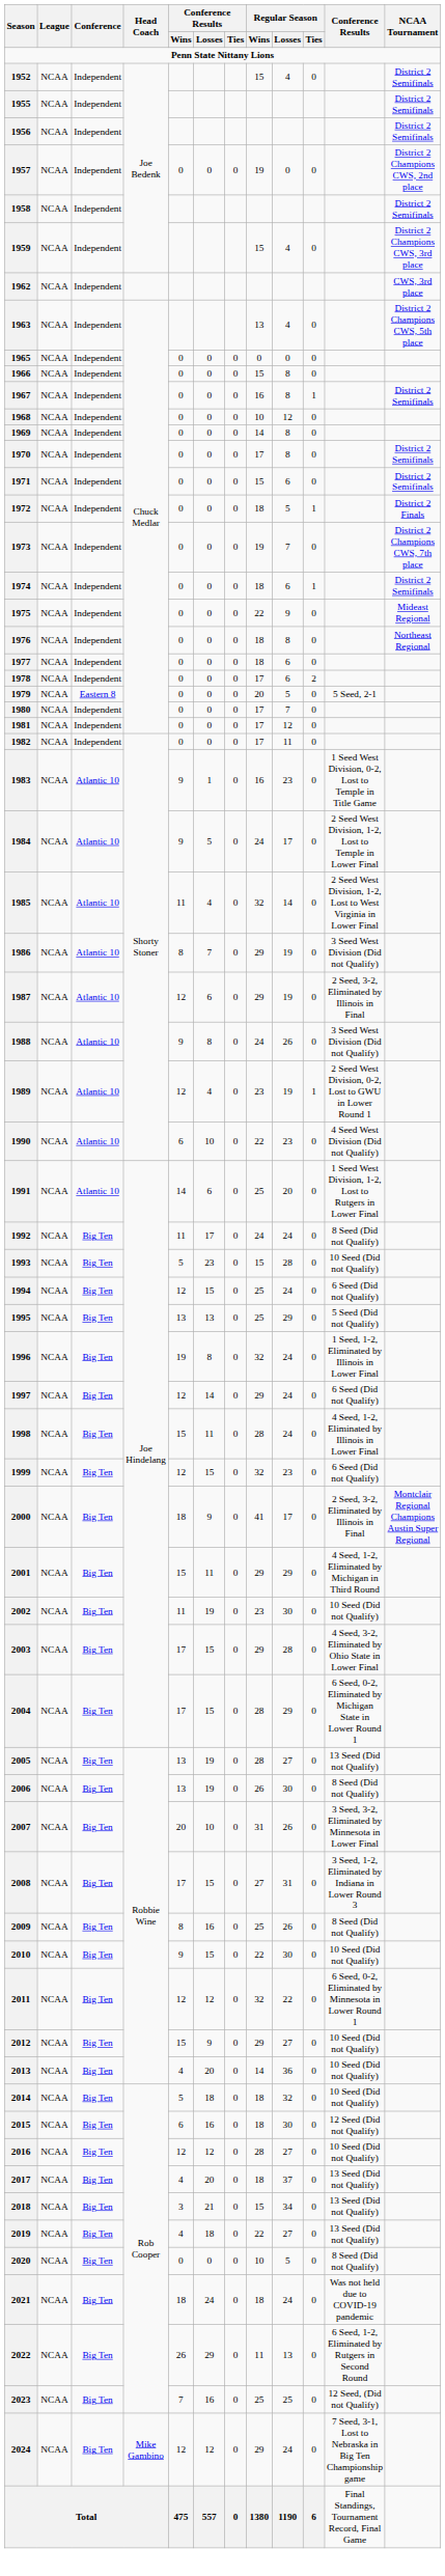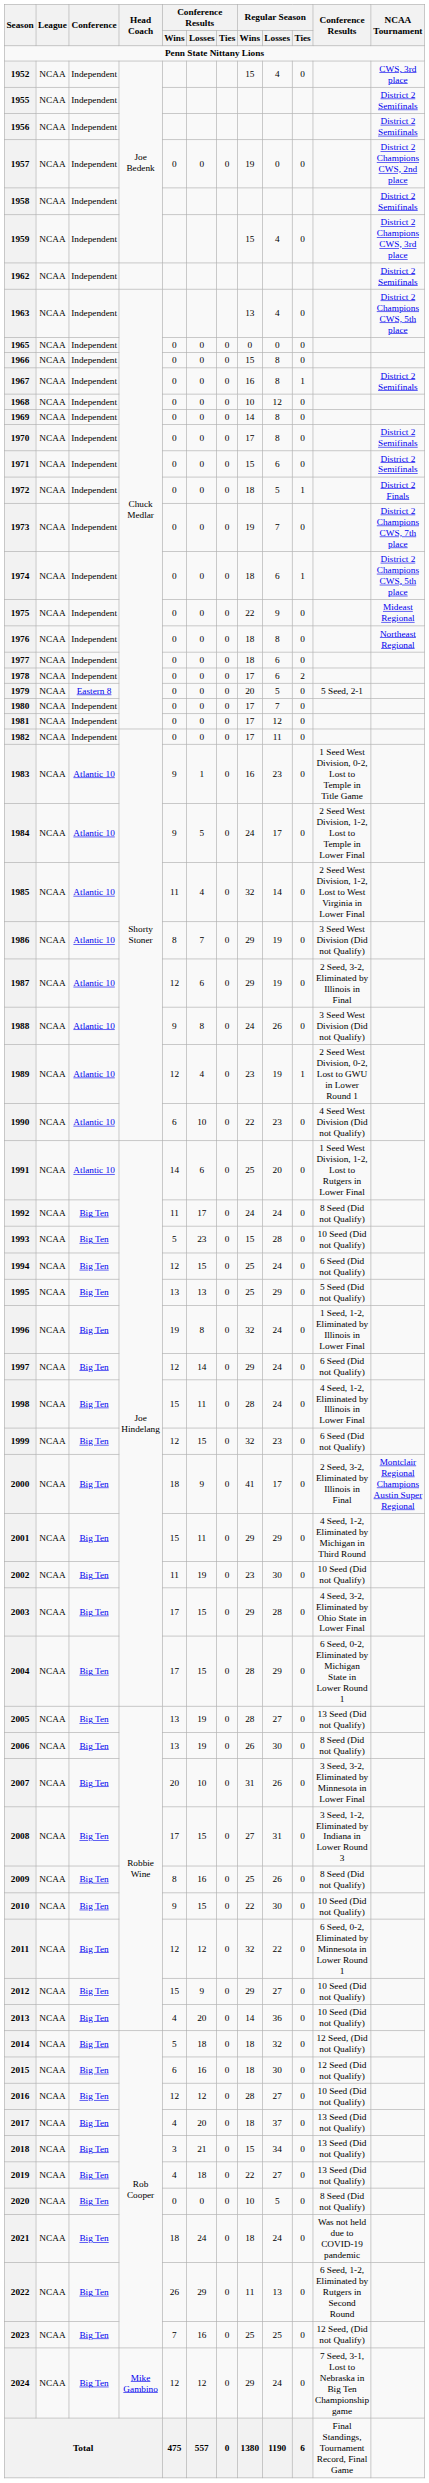 <table class="wikitable" style="border-collapse:collapse; font-size: 95%; text-align:center;">
 <tr>
 <th rowspan="2">Season</th>
 <th rowspan="2">League</th>
 <th rowspan="2">Conference</th>
 <th rowspan="2">Head Coach</th>
 <th colspan="3">Conference Results</th>
 <th colspan="3">Regular Season</th>
 <th rowspan="2">Conference Results</th>
 <th rowspan="2">NCAA Tournament</th>
 </tr>
 <tr>
 <th>Wins</th>
 <th>Losses</th>
 <th>Ties</th>
 <th>Wins</th>
 <th>Losses</th>
 <th>Ties</th>
 </tr>
 <tr>
 <td colspan=20><strong>Penn State Nittany Lions</strong></td>
 </tr>
 <tr>
 <th>1952</th>
 <td>NCAA</td>
 <td>Independent</td>
 <td rowspan="6">Joe Bedenk</td>
 <td></td>
 <td></td>
 <td></td>
 <td>15</td>
 <td>4</td>
 <td>0</td>
 <td></td>
-<td><a href='#'>District 2 Semifinals</a></td>
+<td><a href='#'>CWS, 3rd place</a></td>
 </tr>
 <tr>
 <th>1955</th>
 <td>NCAA</td>
 <td>Independent</td>
 <td></td>
 <td></td>
 <td></td>
 <td></td>
 <td></td>
 <td></td>
 <td></td>
 <td><a href='#'>District 2 Semifinals</a></td>
 </tr>
 <tr>
 <th>1956</th>
 <td>NCAA</td>
 <td>Independent</td>
 <td></td>
 <td></td>
 <td></td>
 <td></td>
 <td></td>
 <td></td>
 <td></td>
 <td><a href='#'>District 2 Semifinals</a></td>
 </tr>
 <tr>
 <th>1957</th>
 <td>NCAA</td>
 <td>Independent</td>
 <td>0</td>
 <td>0</td>
 <td>0</td>
 <td>19</td>
 <td>0</td>
 <td>0</td>
 <td></td>
 <td><a href='#'>District 2 Champions</a><br><a href='#'>CWS, 2nd place</a></td>
 </tr>
 <tr>
 <th>1958</th>
 <td>NCAA</td>
 <td>Independent</td>
 <td></td>
 <td></td>
 <td></td>
 <td></td>
 <td></td>
 <td></td>
 <td></td>
 <td><a href='#'>District 2 Semifinals</a></td>
 </tr>
 <tr>
 <th>1959</th>
 <td>NCAA</td>
 <td>Independent</td>
 <td></td>
 <td></td>
 <td></td>
 <td>15</td>
 <td>4</td>
 <td>0</td>
 <td></td>
 <td><a href='#'>District 2 Champions</a><br><a href='#'>CWS, 3rd place</a></td>
 </tr>
 <tr>
 <th>1962</th>
 <td>NCAA</td>
 <td>Independent</td>
 <td></td>
 <td></td>
 <td></td>
 <td></td>
 <td></td>
 <td></td>
 <td></td>
 <td></td>
-<td><a href='#'>CWS, 3rd place</a></td>
+<td><a href='#'>District 2 Semifinals</a></td>
 </tr>
 <tr>
 <th>1963</th>
 <td>NCAA</td>
 <td>Independent</td>
 <td rowspan="18">Chuck Medlar</td>
 <td></td>
 <td></td>
 <td></td>
 <td>13</td>
 <td>4</td>
 <td>0</td>
 <td></td>
 <td><a href='#'>District 2 Champions</a><br><a href='#'>CWS, 5th place</a></td>
 </tr>
 <tr>
 <th>1965</th>
 <td>NCAA</td>
 <td>Independent</td>
 <td>0</td>
 <td>0</td>
 <td>0</td>
 <td>0</td>
 <td>0</td>
 <td>0</td>
 <td></td>
 <td></td>
 </tr>
 <tr>
 <th>1966</th>
 <td>NCAA</td>
 <td>Independent</td>
 <td>0</td>
 <td>0</td>
 <td>0</td>
 <td>15</td>
 <td>8</td>
 <td>0</td>
 <td></td>
 <td></td>
 </tr>
 <tr>
 <th>1967</th>
 <td>NCAA</td>
 <td>Independent</td>
 <td>0</td>
 <td>0</td>
 <td>0</td>
 <td>16</td>
 <td>8</td>
 <td>1</td>
 <td></td>
 <td><a href='#'>District 2 Semifinals</a></td>
 </tr>
 <tr>
 <th>1968</th>
 <td>NCAA</td>
 <td>Independent</td>
 <td>0</td>
 <td>0</td>
 <td>0</td>
 <td>10</td>
 <td>12</td>
 <td>0</td>
 <td></td>
 <td></td>
 </tr>
 <tr>
 <th>1969</th>
 <td>NCAA</td>
 <td>Independent</td>
 <td>0</td>
 <td>0</td>
 <td>0</td>
 <td>14</td>
 <td>8</td>
 <td>0</td>
 <td></td>
 <td></td>
 </tr>
 <tr>
 <th>1970</th>
 <td>NCAA</td>
 <td>Independent</td>
 <td>0</td>
 <td>0</td>
 <td>0</td>
 <td>17</td>
 <td>8</td>
 <td>0</td>
 <td></td>
 <td><a href='#'>District 2 Semifinals</a></td>
 </tr>
 <tr>
 <th>1971</th>
 <td>NCAA</td>
 <td>Independent</td>
 <td>0</td>
 <td>0</td>
 <td>0</td>
 <td>15</td>
 <td>6</td>
 <td>0</td>
 <td></td>
 <td><a href='#'>District 2 Semifinals</a></td>
 </tr>
 <tr>
 <th>1972</th>
 <td>NCAA</td>
 <td>Independent</td>
 <td>0</td>
 <td>0</td>
 <td>0</td>
 <td>18</td>
 <td>5</td>
 <td>1</td>
 <td></td>
 <td><a href='#'>District 2 Finals</a></td>
 </tr>
 <tr>
 <th>1973</th>
 <td>NCAA</td>
 <td>Independent</td>
 <td>0</td>
 <td>0</td>
 <td>0</td>
 <td>19</td>
 <td>7</td>
 <td>0</td>
 <td></td>
 <td><a href='#'>District 2 Champions</a><br><a href='#'>CWS, 7th place</a></td>
 </tr>
 <tr>
 <th>1974</th>
 <td>NCAA</td>
 <td>Independent</td>
 <td>0</td>
 <td>0</td>
 <td>0</td>
 <td>18</td>
 <td>6</td>
 <td>1</td>
 <td></td>
-<td><a href='#'>District 2 Semifinals</a></td>
+<td><a href='#'>District 2 Champions</a><br><a href='#'>CWS, 5th place</a></td>
 </tr>
 <tr>
 <th>1975</th>
 <td>NCAA</td>
 <td>Independent</td>
 <td>0</td>
 <td>0</td>
 <td>0</td>
 <td>22</td>
 <td>9</td>
 <td>0</td>
 <td></td>
 <td><a href='#'>Mideast Regional</a></td>
 </tr>
 <tr>
 <th>1976</th>
 <td>NCAA</td>
 <td>Independent</td>
 <td>0</td>
 <td>0</td>
 <td>0</td>
 <td>18</td>
 <td>8</td>
 <td>0</td>
 <td></td>
 <td><a href='#'>Northeast Regional</a></td>
 </tr>
 <tr>
 <th>1977</th>
 <td>NCAA</td>
 <td>Independent</td>
 <td>0</td>
 <td>0</td>
 <td>0</td>
 <td>18</td>
 <td>6</td>
 <td>0</td>
 <td></td>
 <td></td>
 </tr>
 <tr>
 <th>1978</th>
 <td>NCAA</td>
 <td>Independent</td>
 <td>0</td>
 <td>0</td>
 <td>0</td>
 <td>17</td>
 <td>6</td>
 <td>2</td>
 <td></td>
 <td></td>
 </tr>
 <tr>
 <th>1979</th>
 <td>NCAA</td>
 <td><a href='#'>Eastern 8</a></td>
 <td>0</td>
 <td>0</td>
 <td>0</td>
 <td>20</td>
 <td>5</td>
 <td>0</td>
 <td>5 Seed, 2-1</td>
 <td></td>
 </tr>
 <tr>
 <th>1980</th>
 <td>NCAA</td>
 <td>Independent</td>
 <td>0</td>
 <td>0</td>
 <td>0</td>
 <td>17</td>
 <td>7</td>
 <td>0</td>
 <td></td>
 <td></td>
 </tr>
 <tr>
 <th>1981</th>
 <td>NCAA</td>
 <td>Independent</td>
 <td>0</td>
 <td>0</td>
 <td>0</td>
 <td>17</td>
 <td>12</td>
 <td>0</td>
 <td></td>
 <td></td>
 </tr>
 <tr>
 <th>1982</th>
 <td>NCAA</td>
 <td>Independent</td>
 <td rowspan="9">Shorty Stoner</td>
 <td>0</td>
 <td>0</td>
 <td>0</td>
 <td>17</td>
 <td>11</td>
 <td>0</td>
 <td></td>
 <td></td>
 </tr>
 <tr>
 <th>1983</th>
 <td>NCAA</td>
 <td><a href='#'>Atlantic 10</a></td>
 <td>9</td>
 <td>1</td>
 <td>0</td>
 <td>16</td>
 <td>23</td>
 <td>0</td>
 <td>1 Seed West Division, 0-2, Lost to Temple in Title Game</td>
 <td></td>
 </tr>
 <tr>
 <th>1984</th>
 <td>NCAA</td>
 <td><a href='#'>Atlantic 10</a></td>
 <td>9</td>
 <td>5</td>
 <td>0</td>
 <td>24</td>
 <td>17</td>
 <td>0</td>
 <td>2 Seed West Division, 1-2, Lost to Temple in Lower Final</td>
 <td></td>
 </tr>
 <tr>
 <th>1985</th>
 <td>NCAA</td>
 <td><a href='#'>Atlantic 10</a></td>
 <td>11</td>
 <td>4</td>
 <td>0</td>
 <td>32</td>
 <td>14</td>
 <td>0</td>
 <td>2 Seed West Division, 1-2, Lost to West Virginia in Lower Final</td>
 <td></td>
 </tr>
 <tr>
 <th>1986</th>
 <td>NCAA</td>
 <td><a href='#'>Atlantic 10</a></td>
 <td>8</td>
 <td>7</td>
 <td>0</td>
 <td>29</td>
 <td>19</td>
 <td>0</td>
 <td>3 Seed West Division (Did not Qualify)</td>
 <td></td>
 </tr>
 <tr>
 <th>1987</th>
 <td>NCAA</td>
 <td><a href='#'>Atlantic 10</a></td>
 <td>12</td>
 <td>6</td>
 <td>0</td>
 <td>29</td>
 <td>19</td>
 <td>0</td>
 <td>2 Seed, 3-2, Eliminated by Illinois in Final</td>
 <td></td>
 </tr>
 <tr>
 <th>1988</th>
 <td>NCAA</td>
 <td><a href='#'>Atlantic 10</a></td>
 <td>9</td>
 <td>8</td>
 <td>0</td>
 <td>24</td>
 <td>26</td>
 <td>0</td>
 <td>3 Seed West Division (Did not Qualify)</td>
 <td></td>
 </tr>
 <tr>
 <th>1989</th>
 <td>NCAA</td>
 <td><a href='#'>Atlantic 10</a></td>
 <td>12</td>
 <td>4</td>
 <td>0</td>
 <td>23</td>
 <td>19</td>
 <td>1</td>
 <td>2 Seed West Division, 0-2, Lost to GWU in Lower Round 1</td>
 <td></td>
 </tr>
 <tr>
 <th>1990</th>
 <td>NCAA</td>
 <td><a href='#'>Atlantic 10</a></td>
 <td>6</td>
 <td>10</td>
 <td>0</td>
 <td>22</td>
 <td>23</td>
 <td>0</td>
 <td>4 Seed West Division (Did not Qualify)</td>
 <td></td>
 </tr>
 <tr>
 <th>1991</th>
 <td>NCAA</td>
 <td><a href='#'>Atlantic 10</a></td>
 <td rowspan="14">Joe Hindelang</td>
 <td>14</td>
 <td>6</td>
 <td>0</td>
 <td>25</td>
 <td>20</td>
 <td>0</td>
 <td>1 Seed West Division, 1-2, Lost to Rutgers in Lower Final</td>
 <td></td>
 </tr>
 <tr>
 <th>1992</th>
 <td>NCAA</td>
 <td><a href='#'>Big Ten</a></td>
 <td>11</td>
 <td>17</td>
 <td>0</td>
 <td>24</td>
 <td>24</td>
 <td>0</td>
 <td>8 Seed (Did not Qualify)</td>
 <td></td>
 </tr>
 <tr>
 <th>1993</th>
 <td>NCAA</td>
 <td><a href='#'>Big Ten</a></td>
 <td>5</td>
 <td>23</td>
 <td>0</td>
 <td>15</td>
 <td>28</td>
 <td>0</td>
 <td>10 Seed (Did not Qualify)</td>
 <td></td>
 </tr>
 <tr>
 <th>1994</th>
 <td>NCAA</td>
 <td><a href='#'>Big Ten</a></td>
 <td>12</td>
 <td>15</td>
 <td>0</td>
 <td>25</td>
 <td>24</td>
 <td>0</td>
 <td>6 Seed (Did not Qualify)</td>
 <td></td>
 </tr>
 <tr>
 <th>1995</th>
 <td>NCAA</td>
 <td><a href='#'>Big Ten</a></td>
 <td>13</td>
 <td>13</td>
 <td>0</td>
 <td>25</td>
 <td>29</td>
 <td>0</td>
 <td>5 Seed (Did not Qualify)</td>
 <td></td>
 </tr>
 <tr>
 <th>1996</th>
 <td>NCAA</td>
 <td><a href='#'>Big Ten</a></td>
 <td>19</td>
 <td>8</td>
 <td>0</td>
 <td>32</td>
 <td>24</td>
 <td>0</td>
 <td>1 Seed, 1-2, Eliminated by Illinois in Lower Final</td>
 <td></td>
 </tr>
 <tr>
 <th>1997</th>
 <td>NCAA</td>
 <td><a href='#'>Big Ten</a></td>
 <td>12</td>
 <td>14</td>
 <td>0</td>
 <td>29</td>
 <td>24</td>
 <td>0</td>
 <td>6 Seed (Did not Qualify)</td>
 <td></td>
 </tr>
 <tr>
 <th>1998</th>
 <td>NCAA</td>
 <td><a href='#'>Big Ten</a></td>
 <td>15</td>
 <td>11</td>
 <td>0</td>
 <td>28</td>
 <td>24</td>
 <td>0</td>
 <td>4 Seed, 1-2, Eliminated by Illinois in Lower Final</td>
 <td></td>
 </tr>
 <tr>
 <th>1999</th>
 <td>NCAA</td>
 <td><a href='#'>Big Ten</a></td>
 <td>12</td>
 <td>15</td>
 <td>0</td>
 <td>32</td>
 <td>23</td>
 <td>0</td>
 <td>6 Seed (Did not Qualify)</td>
 <td></td>
 </tr>
 <tr>
 <th>2000</th>
 <td>NCAA</td>
 <td><a href='#'>Big Ten</a></td>
 <td>18</td>
 <td>9</td>
 <td>0</td>
 <td>41</td>
 <td>17</td>
 <td>0</td>
 <td>2 Seed, 3-2, Eliminated by Illinois in Final</td>
 <td><a href='#'>Montclair Regional Champions</a><br><a href='#'>Austin Super Regional</a></td>
 </tr>
 <tr>
 <th>2001</th>
 <td>NCAA</td>
 <td><a href='#'>Big Ten</a></td>
 <td>15</td>
 <td>11</td>
 <td>0</td>
 <td>29</td>
 <td>29</td>
 <td>0</td>
 <td>4 Seed, 1-2, Eliminated by Michigan in Third Round</td>
 <td></td>
 </tr>
 <tr>
 <th>2002</th>
 <td>NCAA</td>
 <td><a href='#'>Big Ten</a></td>
 <td>11</td>
 <td>19</td>
 <td>0</td>
 <td>23</td>
 <td>30</td>
 <td>0</td>
 <td>10 Seed (Did not Qualify)</td>
 <td></td>
 </tr>
 <tr>
 <th>2003</th>
 <td>NCAA</td>
 <td><a href='#'>Big Ten</a></td>
 <td>17</td>
 <td>15</td>
 <td>0</td>
 <td>29</td>
 <td>28</td>
 <td>0</td>
 <td>4 Seed, 3-2, Eliminated by Ohio State in Lower Final</td>
 <td></td>
 </tr>
 <tr>
 <th>2004</th>
 <td>NCAA</td>
 <td><a href='#'>Big Ten</a></td>
 <td>17</td>
 <td>15</td>
 <td>0</td>
 <td>28</td>
 <td>29</td>
 <td>0</td>
 <td>6 Seed, 0-2, Eliminated by Michigan State in Lower Round 1</td>
 <td></td>
 </tr>
 <tr>
 <th>2005</th>
 <td>NCAA</td>
 <td><a href='#'>Big Ten</a></td>
 <td rowspan="9">Robbie Wine</td>
 <td>13</td>
 <td>19</td>
 <td>0</td>
 <td>28</td>
 <td>27</td>
 <td>0</td>
 <td>13 Seed (Did not Qualify)</td>
 <td></td>
 </tr>
 <tr>
 <th>2006</th>
 <td>NCAA</td>
 <td><a href='#'>Big Ten</a></td>
 <td>13</td>
 <td>19</td>
 <td>0</td>
 <td>26</td>
 <td>30</td>
 <td>0</td>
 <td>8 Seed (Did not Qualify)</td>
 <td></td>
 </tr>
 <tr>
 <th>2007</th>
 <td>NCAA</td>
 <td><a href='#'>Big Ten</a></td>
 <td>20</td>
 <td>10</td>
 <td>0</td>
 <td>31</td>
 <td>26</td>
 <td>0</td>
 <td>3 Seed, 3-2, Eliminated by Minnesota in Lower Final</td>
 <td></td>
 </tr>
 <tr>
 <th>2008</th>
 <td>NCAA</td>
 <td><a href='#'>Big Ten</a></td>
 <td>17</td>
 <td>15</td>
 <td>0</td>
 <td>27</td>
 <td>31</td>
 <td>0</td>
 <td>3 Seed, 1-2, Eliminated by Indiana in Lower Round 3</td>
 <td></td>
 </tr>
 <tr>
 <th>2009</th>
 <td>NCAA</td>
 <td><a href='#'>Big Ten</a></td>
 <td>8</td>
 <td>16</td>
 <td>0</td>
 <td>25</td>
 <td>26</td>
 <td>0</td>
 <td>8 Seed (Did not Qualify)</td>
 <td></td>
 </tr>
 <tr>
 <th>2010</th>
 <td>NCAA</td>
 <td><a href='#'>Big Ten</a></td>
 <td>9</td>
 <td>15</td>
 <td>0</td>
 <td>22</td>
 <td>30</td>
 <td>0</td>
 <td>10 Seed (Did not Qualify)</td>
 <td></td>
 </tr>
 <tr>
 <th>2011</th>
 <td>NCAA</td>
 <td><a href='#'>Big Ten</a></td>
 <td>12</td>
 <td>12</td>
 <td>0</td>
 <td>32</td>
 <td>22</td>
 <td>0</td>
 <td>6 Seed, 0-2, Eliminated by Minnesota in Lower Round 1</td>
 <td></td>
 </tr>
 <tr>
 <th>2012</th>
 <td>NCAA</td>
 <td><a href='#'>Big Ten</a></td>
 <td>15</td>
 <td>9</td>
 <td>0</td>
 <td>29</td>
 <td>27</td>
 <td>0</td>
 <td>10 Seed (Did not Qualify)</td>
 <td></td>
 </tr>
 <tr>
 <th>2013</th>
 <td>NCAA</td>
 <td><a href='#'>Big Ten</a></td>
 <td>4</td>
 <td>20</td>
 <td>0</td>
 <td>14</td>
 <td>36</td>
 <td>0</td>
 <td>10 Seed (Did not Qualify)</td>
 <td></td>
 </tr>
 <tr>
 <th>2014</th>
 <td>NCAA</td>
 <td><a href='#'>Big Ten</a></td>
 <td rowspan="10">Rob Cooper</td>
 <td>5</td>
 <td>18</td>
 <td>0</td>
 <td>18</td>
 <td>32</td>
 <td>0</td>
-<td>10 Seed (Did not Qualify)</td>
+<td>12 Seed, (Did not Qualify)</td>
 <td></td>
 </tr>
 <tr>
 <th>2015</th>
 <td>NCAA</td>
 <td><a href='#'>Big Ten</a></td>
 <td>6</td>
 <td>16</td>
 <td>0</td>
 <td>18</td>
 <td>30</td>
 <td>0</td>
 <td>12 Seed (Did not Qualify)</td>
 <td></td>
 </tr>
 <tr>
 <th>2016</th>
 <td>NCAA</td>
 <td><a href='#'>Big Ten</a></td>
 <td>12</td>
 <td>12</td>
 <td>0</td>
 <td>28</td>
 <td>27</td>
 <td>0</td>
 <td>10 Seed (Did not Qualify)</td>
 <td></td>
 </tr>
 <tr>
 <th>2017</th>
 <td>NCAA</td>
 <td><a href='#'>Big Ten</a></td>
 <td>4</td>
 <td>20</td>
 <td>0</td>
 <td>18</td>
 <td>37</td>
 <td>0</td>
 <td>13 Seed (Did not Qualify)</td>
 <td></td>
 </tr>
 <tr>
 <th>2018</th>
 <td>NCAA</td>
 <td><a href='#'>Big Ten</a></td>
 <td>3</td>
 <td>21</td>
 <td>0</td>
 <td>15</td>
 <td>34</td>
 <td>0</td>
 <td>13 Seed (Did not Qualify)</td>
 <td></td>
 </tr>
 <tr>
 <th>2019</th>
 <td>NCAA</td>
 <td><a href='#'>Big Ten</a></td>
 <td>4</td>
 <td>18</td>
 <td>0</td>
 <td>22</td>
 <td>27</td>
 <td>0</td>
 <td>13 Seed (Did not Qualify)</td>
 <td></td>
 </tr>
 <tr>
 <th>2020</th>
 <td>NCAA</td>
 <td><a href='#'>Big Ten</a></td>
 <td>0</td>
 <td>0</td>
 <td>0</td>
 <td>10</td>
 <td>5</td>
 <td>0</td>
 <td>8 Seed (Did not Qualify)</td>
 <td></td>
 </tr>
 <tr>
 <th>2021</th>
 <td>NCAA</td>
 <td><a href='#'>Big Ten</a></td>
 <td>18</td>
 <td>24</td>
 <td>0</td>
 <td>18</td>
 <td>24</td>
 <td>0</td>
 <td>Was not held due to COVID-19 pandemic</td>
 <td></td>
 </tr>
 <tr>
 <th>2022</th>
 <td>NCAA</td>
 <td><a href='#'>Big Ten</a></td>
 <td>26</td>
 <td>29</td>
 <td>0</td>
 <td>11</td>
 <td>13</td>
 <td>0</td>
 <td>6 Seed, 1-2, Eliminated by Rutgers in Second Round</td>
 <td></td>
 </tr>
 <tr>
 <th>2023</th>
 <td>NCAA</td>
 <td><a href='#'>Big Ten</a></td>
 <td>7</td>
 <td>16</td>
 <td>0</td>
 <td>25</td>
 <td>25</td>
 <td>0</td>
 <td>12 Seed, (Did not Qualify)</td>
 <td></td>
 </tr>
 <tr>
 <th>2024</th>
 <td>NCAA</td>
 <td><a href='#'>Big Ten</a></td>
 <td rowspan="1"><a href='#'>Mike Gambino</a></td>
 <td>12</td>
 <td>12</td>
 <td>0</td>
 <td>29</td>
 <td>24</td>
 <td>0</td>
 <td>7 Seed, 3-1, Lost to Nebraska in Big Ten Championship game</td>
 <td></td>
 </tr>
 <tr>
 <th colspan="4" rowspan="3">Total</th>
 <th>475</th>
 <th>557</th>
 <th>0</th>
 <th>1380</th>
 <th>1190</th>
 <th>6</th>
 <td>Final Standings, Tournament Record, Final Game</td>
 </tr>
 </table>
